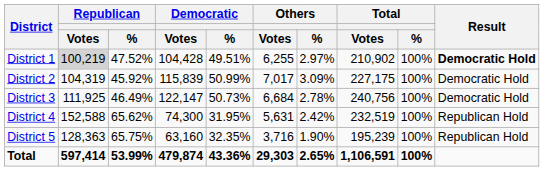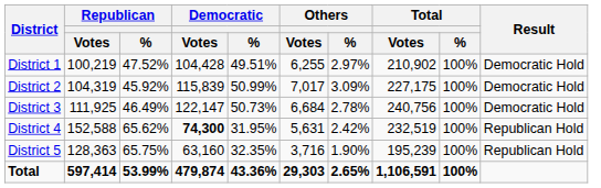 <table class="wikitable plainrowheaders sortable" style="font-size:100%; text-align:right;">
 <tr>
 <th scope=col rowspan=3><a href='#'>District</a></th>
 <th scope=col colspan=2><a href='#'>Republican</a></th>
 <th scope=col colspan=2><a href='#'>Democratic</a></th>
 <th scope=col colspan=2>Others</th>
 <th scope=col colspan=2>Total</th>
 <th scope=col rowspan=3>Result</th>
 </tr>
 <tr>
 <th scope=col colspan=2 style="background:"></th>
 <th scope=col colspan=2 style="background:"></th>
 <th scope=col colspan=2></th>
 <th scope=col colspan=2></th>
 </tr>
 <tr>
 <th scope=col data-sort-type="number">Votes</th>
 <th scope=col data-sort-type="number">%</th>
 <th scope=col data-sort-type="number">Votes</th>
 <th scope=col data-sort-type="number">%</th>
 <th scope=col data-sort-type="number">Votes</th>
 <th scope=col data-sort-type="number">%</th>
 <th scope=col data-sort-type="number">Votes</th>
 <th scope=col data-sort-type="number">%</th>
 </tr>
 <tr>
 <td align=left><a href='#'>District 1</a></td>
-<td style="background: lightgrey;">100,219</td>
+<td>100,219</td>
 <td>47.52%</td>
 <td>104,428</td>
 <td>49.51%</td>
 <td>6,255</td>
 <td>2.97%</td>
 <td>210,902</td>
 <td>100%</td>
-<td align=left><strong>Democratic Hold</strong></td>
+<td align=left>Democratic Hold</td>
 </tr>
 <tr>
 <td align=left><a href='#'>District 2</a></td>
 <td>104,319</td>
 <td>45.92%</td>
 <td>115,839</td>
 <td>50.99%</td>
 <td>7,017</td>
 <td>3.09%</td>
 <td>227,175</td>
 <td>100%</td>
 <td align=left>Democratic Hold</td>
 </tr>
 <tr>
 <td align=left><a href='#'>District 3</a></td>
 <td>111,925</td>
 <td>46.49%</td>
 <td>122,147</td>
 <td>50.73%</td>
 <td>6,684</td>
 <td>2.78%</td>
 <td>240,756</td>
 <td>100%</td>
 <td align=left>Democratic Hold</td>
 </tr>
 <tr>
 <td align=left><a href='#'>District 4</a></td>
 <td>152,588</td>
 <td>65.62%</td>
-<td>74,300</td>
+<td><strong>74,300</strong></td>
 <td>31.95%</td>
 <td>5,631</td>
 <td>2.42%</td>
 <td>232,519</td>
 <td>100%</td>
 <td align=left>Republican Hold</td>
 </tr>
 <tr>
 <td align=left><a href='#'>District 5</a></td>
 <td>128,363</td>
 <td>65.75%</td>
 <td>63,160</td>
 <td>32.35%</td>
 <td>3,716</td>
 <td>1.90%</td>
 <td>195,239</td>
 <td>100%</td>
 <td align=left>Republican Hold</td>
 </tr>
 <tr class="sortbottom" style="font-weight:bold">
 <td align=left>Total</td>
 <td>597,414</td>
 <td>53.99%</td>
 <td>479,874</td>
 <td>43.36%</td>
 <td>29,303</td>
 <td>2.65%</td>
 <td>1,106,591</td>
 <td>100%</td>
 <td></td>
 </tr>
 </table>
